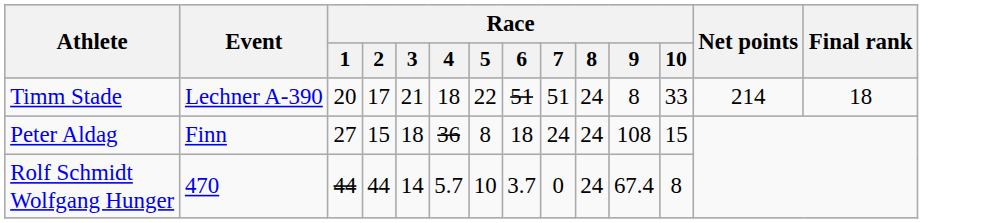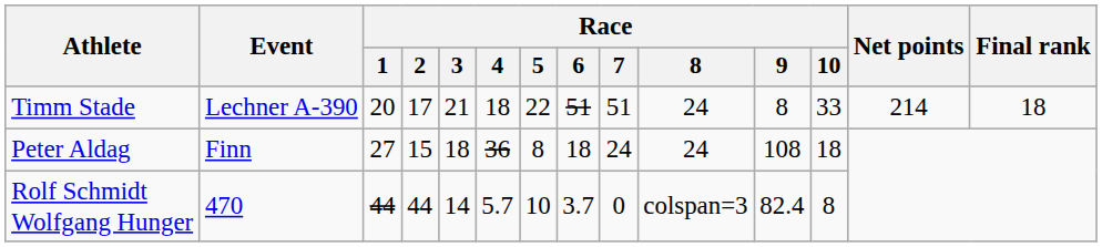 <table class="wikitable" style="font-size:90%">
 <tr>
 <th rowspan=2>Athlete</th>
 <th rowspan=2>Event</th>
 <th colspan=10>Race</th>
 <th rowspan=2>Net points</th>
 <th rowspan=2>Final rank</th>
 </tr>
 <tr style="font-size:95%">
 <th>1</th>
 <th>2</th>
 <th>3</th>
 <th>4</th>
 <th>5</th>
 <th>6</th>
 <th>7</th>
 <th>8</th>
 <th>9</th>
 <th>10</th>
 </tr>
 <tr align=center>
 <td align=left><a href='#'>Timm Stade</a></td>
 <td align=left><a href='#'>Lechner A-390</a></td>
 <td>20</td>
 <td>17</td>
 <td>21</td>
 <td>18</td>
 <td>22</td>
 <td><s>51</s></td>
 <td>51</td>
 <td>24</td>
 <td>8</td>
 <td>33</td>
 <td>214</td>
 <td>18</td>
 </tr>
 <tr align=center>
 <td align=left><a href='#'>Peter Aldag</a></td>
 <td align=left><a href='#'>Finn</a></td>
 <td>27</td>
 <td>15</td>
 <td>18</td>
 <td><s>36</s></td>
 <td>8</td>
 <td>18</td>
 <td>24</td>
 <td>24</td>
 <td>108</td>
-<td>15</td>
+<td>18</td>
 </tr>
 <tr align=center>
 <td align=left><a href='#'>Rolf Schmidt</a><br><a href='#'>Wolfgang Hunger</a></td>
 <td align=left><a href='#'>470</a></td>
 <td><s>44</s></td>
 <td>44</td>
 <td>14</td>
 <td>5.7</td>
 <td>10</td>
 <td>3.7</td>
 <td>0</td>
-<td>24</td>
-<td>67.4</td>
+<td>colspan=3</td>
+<td>82.4</td>
 <td>8</td>
 </tr>
 </table>
